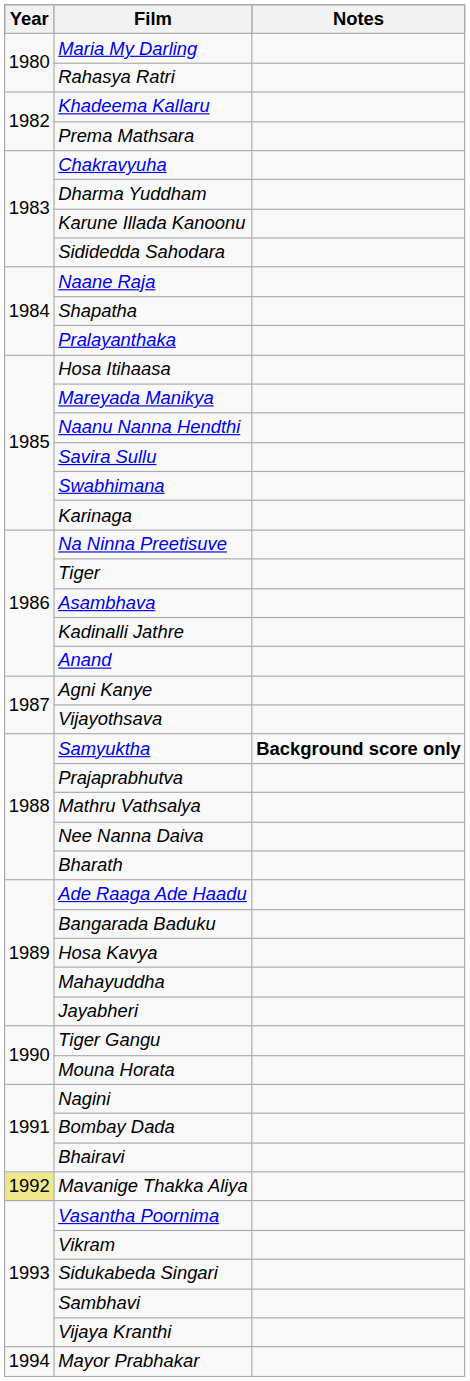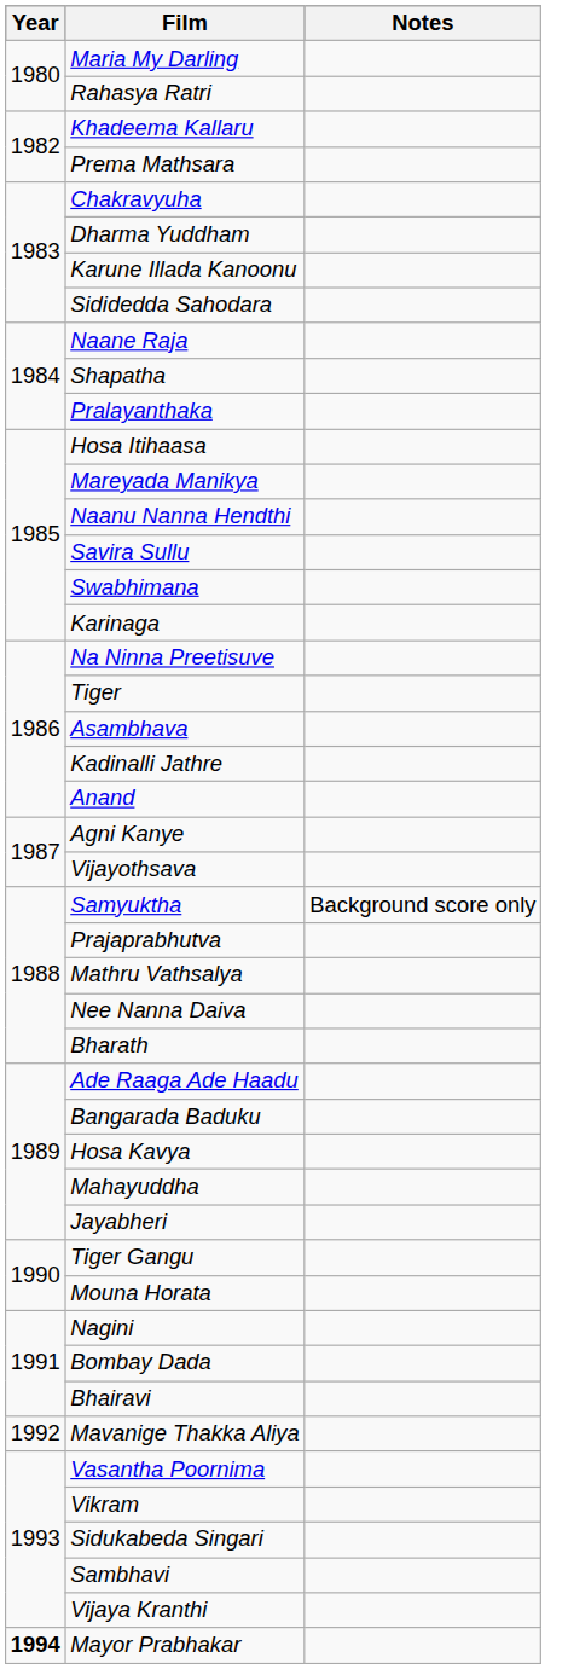 <table class="wikitable sortable">
 <tr style="background:#000;">
 <th>Year</th>
 <th>Film</th>
 <th>Notes</th>
 </tr>
 <tr>
 <td rowspan="2">1980</td>
 <td><em><a href='#'>Maria My Darling</a></em></td>
 <td></td>
 </tr>
 <tr>
 <td><em>Rahasya Ratri</em></td>
 <td></td>
 </tr>
 <tr>
 <td rowspan=2>1982</td>
 <td><em><a href='#'>Khadeema Kallaru</a></em></td>
 <td></td>
 </tr>
 <tr>
 <td><em>Prema Mathsara</em></td>
 <td></td>
 </tr>
 <tr>
 <td rowspan="4">1983</td>
 <td><em><a href='#'>Chakravyuha</a></em></td>
 <td></td>
 </tr>
 <tr>
 <td><em>Dharma Yuddham</em></td>
 <td></td>
 </tr>
 <tr>
 <td><em>Karune Illada Kanoonu</em></td>
 <td></td>
 </tr>
 <tr>
 <td><em>Sididedda Sahodara</em></td>
 <td></td>
 </tr>
 <tr>
 <td rowspan="3">1984</td>
 <td><em><a href='#'>Naane Raja</a></em></td>
 <td></td>
 </tr>
 <tr>
 <td><em>Shapatha</em></td>
 <td></td>
 </tr>
 <tr>
 <td><em><a href='#'>Pralayanthaka</a></em></td>
 <td></td>
 </tr>
 <tr>
 <td rowspan="6">1985</td>
 <td><em>Hosa Itihaasa</em></td>
 <td></td>
 </tr>
 <tr>
 <td><em><a href='#'>Mareyada Manikya</a></em></td>
 <td></td>
 </tr>
 <tr>
 <td><em><a href='#'>Naanu Nanna Hendthi</a></em></td>
 <td></td>
 </tr>
 <tr>
 <td><em><a href='#'>Savira Sullu</a></em></td>
 <td></td>
 </tr>
 <tr>
 <td><em><a href='#'>Swabhimana</a></em></td>
 <td></td>
 </tr>
 <tr>
 <td><em>Karinaga</em></td>
 <td></td>
 </tr>
 <tr>
 <td rowspan="5">1986</td>
 <td><em><a href='#'>Na Ninna Preetisuve</a></em></td>
 <td></td>
 </tr>
 <tr>
 <td><em>Tiger</em></td>
 <td></td>
 </tr>
 <tr>
 <td><em><a href='#'>Asambhava</a></em></td>
 <td></td>
 </tr>
 <tr>
 <td><em>Kadinalli Jathre</em></td>
 <td></td>
 </tr>
 <tr>
 <td><em><a href='#'>Anand</a></em></td>
 <td></td>
 </tr>
 <tr>
 <td rowspan=2>1987</td>
 <td><em>Agni Kanye</em></td>
 <td></td>
 </tr>
 <tr>
 <td><em>Vijayothsava</em></td>
 <td></td>
 </tr>
 <tr>
 <td rowspan="5">1988</td>
 <td><em><a href='#'>Samyuktha</a></em></td>
-<td><strong>Background score only</strong></td>
+<td>Background score only</td>
 </tr>
 <tr>
 <td><em>Prajaprabhutva</em></td>
 <td></td>
 </tr>
 <tr>
 <td><em>Mathru Vathsalya</em></td>
 <td></td>
 </tr>
 <tr>
 <td><em>Nee Nanna Daiva</em></td>
 <td></td>
 </tr>
 <tr>
 <td><em>Bharath</em></td>
 <td></td>
 </tr>
 <tr>
 <td rowspan=5>1989</td>
 <td><em><a href='#'>Ade Raaga Ade Haadu</a></em></td>
 <td></td>
 </tr>
 <tr>
 <td><em>Bangarada Baduku</em></td>
 <td></td>
 </tr>
 <tr>
 <td><em>Hosa Kavya</em></td>
 <td></td>
 </tr>
 <tr>
 <td><em>Mahayuddha</em></td>
 <td></td>
 </tr>
 <tr>
 <td><em>Jayabheri</em></td>
 <td></td>
 </tr>
 <tr>
 <td rowspan=2>1990</td>
 <td><em>Tiger Gangu</em></td>
 <td></td>
 </tr>
 <tr>
 <td><em>Mouna Horata</em></td>
 <td></td>
 </tr>
 <tr>
 <td rowspan=3>1991</td>
 <td><em>Nagini</em></td>
 <td></td>
 </tr>
 <tr>
 <td><em>Bombay Dada</em></td>
 <td></td>
 </tr>
 <tr>
 <td><em>Bhairavi</em></td>
 <td></td>
 </tr>
 <tr>
-<td style="background: khaki;">1992</td>
+<td>1992</td>
 <td><em>Mavanige Thakka Aliya</em></td>
 <td></td>
 </tr>
 <tr>
 <td rowspan="5">1993</td>
 <td><em><a href='#'>Vasantha Poornima</a></em></td>
 <td></td>
 </tr>
 <tr>
 <td><em>Vikram</em></td>
 <td></td>
 </tr>
 <tr>
 <td><em>Sidukabeda Singari</em></td>
 <td></td>
 </tr>
 <tr>
 <td><em>Sambhavi</em></td>
 <td></td>
 </tr>
 <tr>
 <td><em>Vijaya Kranthi</em></td>
 <td></td>
 </tr>
 <tr>
-<td>1994</td>
+<td><strong>1994</strong></td>
 <td><em>Mayor Prabhakar</em></td>
 <td></td>
 </tr>
 <tr>
 </tr>
 </table>
